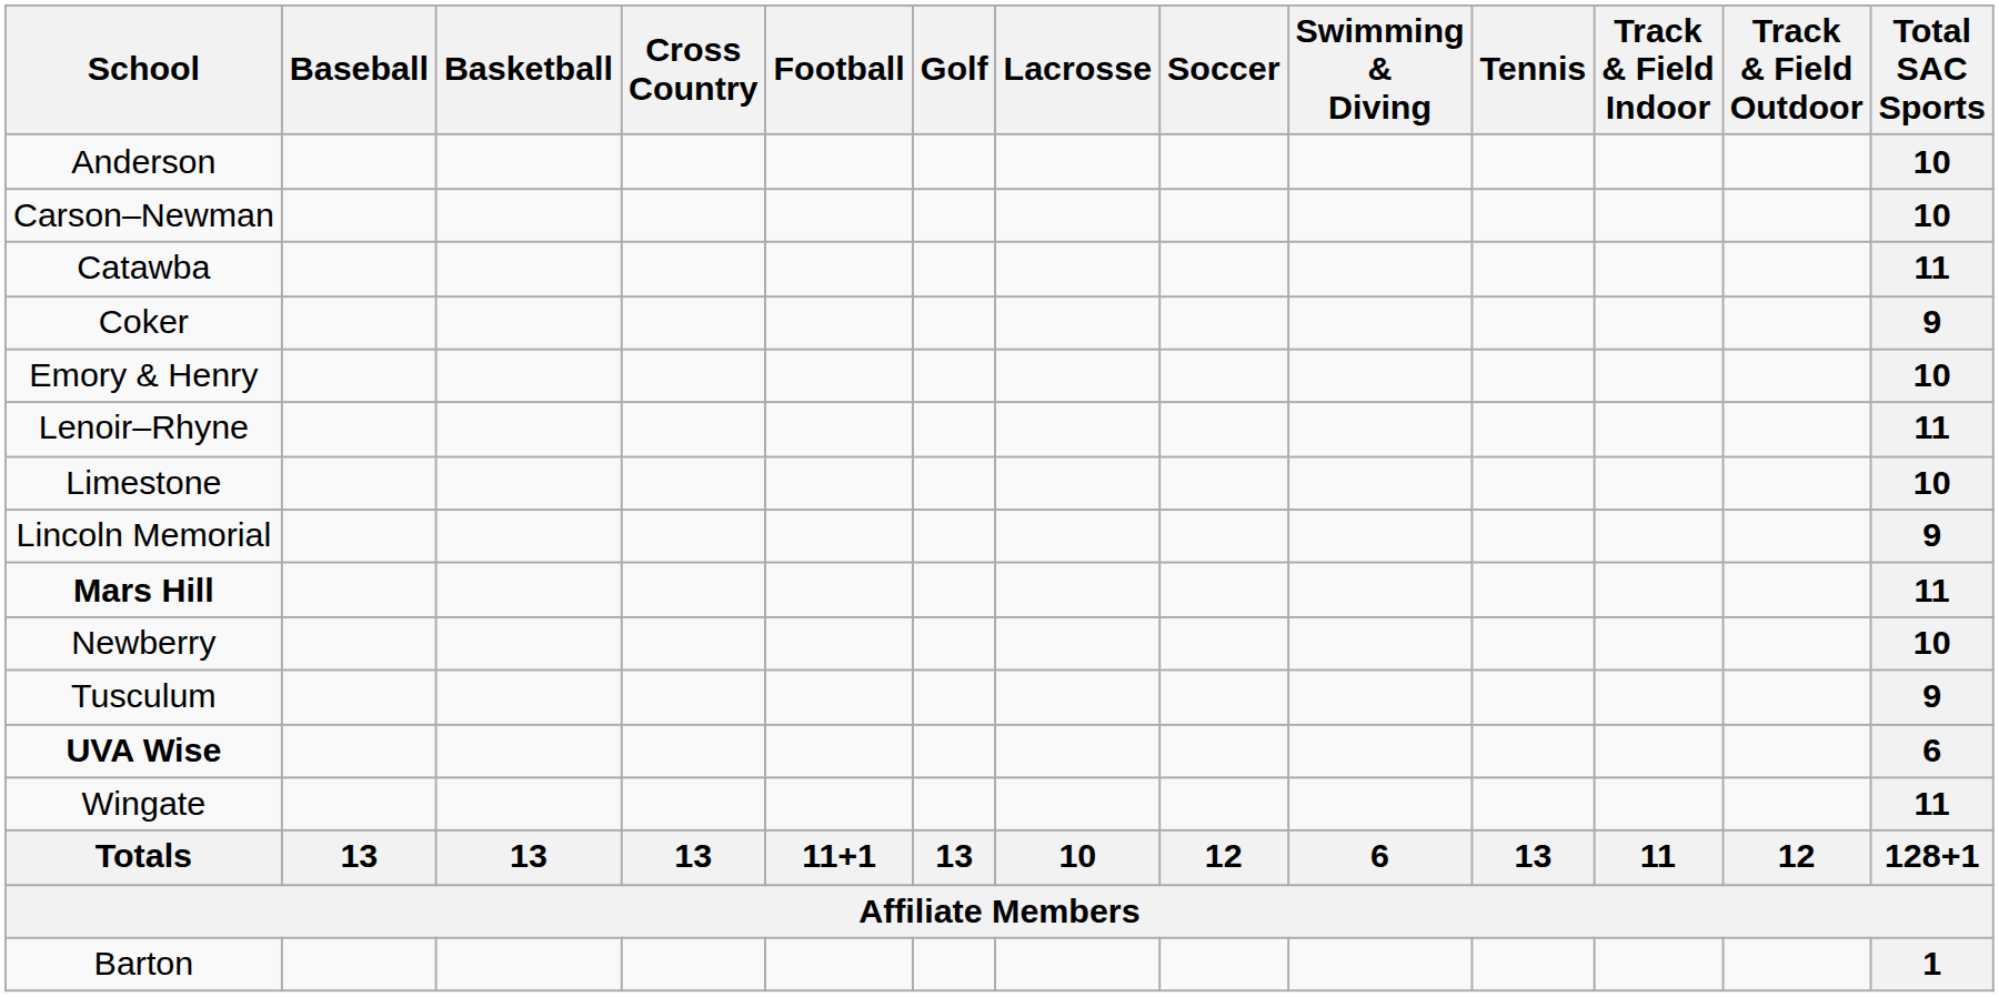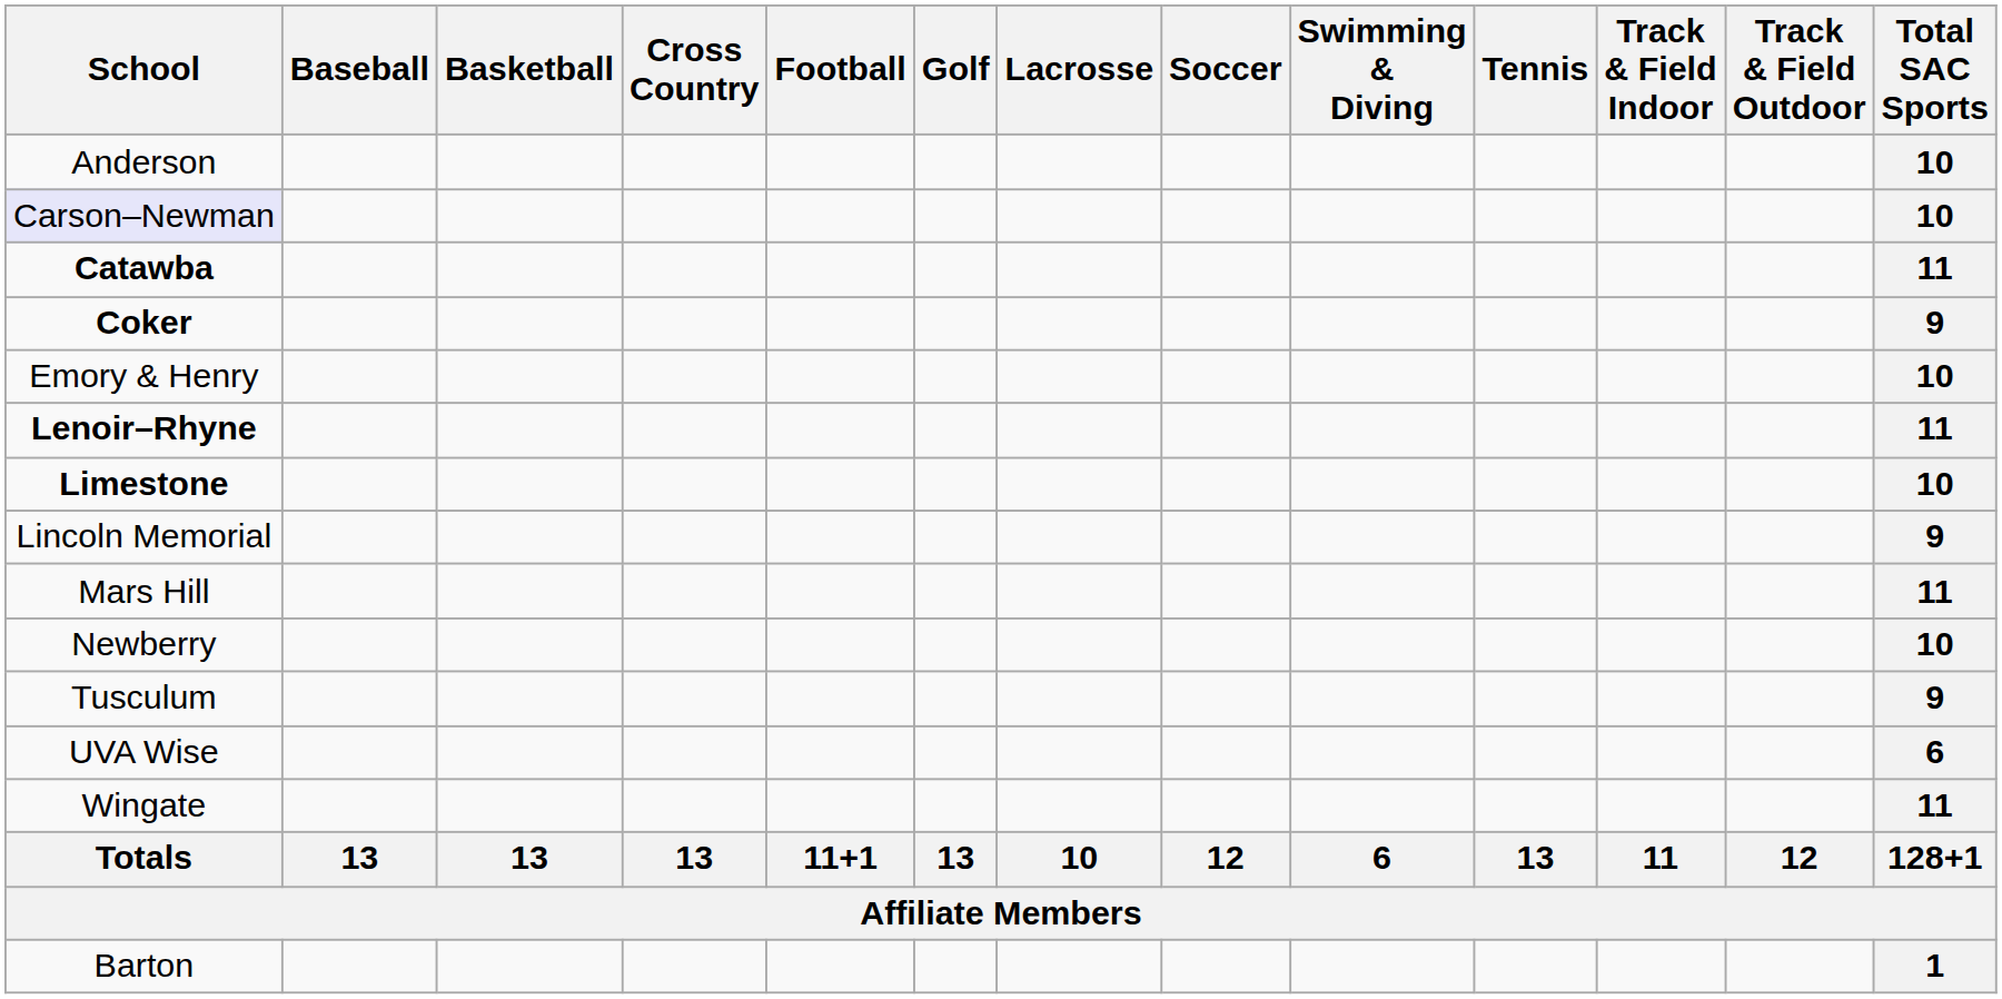 <table class="wikitable" style="text-align:center">
 <tr>
 <th>School</th>
 <th>Baseball</th>
 <th>Basketball</th>
 <th>Cross<br>Country</th>
 <th>Football</th>
 <th>Golf</th>
 <th>Lacrosse</th>
 <th>Soccer</th>
 <th>Swimming<br>&<br>Diving</th>
 <th>Tennis</th>
 <th>Track<br>& Field<br>Indoor</th>
 <th>Track<br>& Field<br>Outdoor</th>
 <th>Total<br>SAC<br>Sports</th>
 </tr>
 <tr>
 <td>Anderson</td>
 <td></td>
 <td></td>
 <td></td>
 <td></td>
 <td></td>
 <td></td>
 <td></td>
 <td></td>
 <td></td>
 <td></td>
 <td></td>
 <th>10</th>
 </tr>
 <tr>
-<td>Carson–Newman</td>
+<td style="background: lavender;">Carson–Newman</td>
 <td></td>
 <td></td>
 <td></td>
 <td></td>
 <td></td>
 <td></td>
 <td></td>
 <td></td>
 <td></td>
 <td></td>
 <td></td>
 <th>10</th>
 </tr>
 <tr>
-<td>Catawba</td>
+<td><strong>Catawba</strong></td>
 <td></td>
 <td></td>
 <td></td>
 <td></td>
 <td></td>
 <td></td>
 <td></td>
 <td></td>
 <td></td>
 <td></td>
 <td></td>
 <th>11</th>
 </tr>
 <tr>
-<td>Coker</td>
+<td><strong>Coker</strong></td>
 <td></td>
 <td></td>
 <td></td>
 <td></td>
 <td></td>
 <td></td>
 <td></td>
 <td></td>
 <td></td>
 <td></td>
 <td></td>
 <th>9</th>
 </tr>
 <tr>
 <td>Emory & Henry</td>
 <td></td>
 <td></td>
 <td></td>
 <td></td>
 <td></td>
 <td></td>
 <td></td>
 <td></td>
 <td></td>
 <td></td>
 <td></td>
 <th>10</th>
 </tr>
 <tr>
-<td>Lenoir–Rhyne</td>
+<td><strong>Lenoir–Rhyne</strong></td>
 <td></td>
 <td></td>
 <td></td>
 <td></td>
 <td></td>
 <td></td>
 <td></td>
 <td></td>
 <td></td>
 <td></td>
 <td></td>
 <th>11</th>
 </tr>
 <tr>
-<td>Limestone</td>
+<td><strong>Limestone</strong></td>
 <td></td>
 <td></td>
 <td></td>
 <td></td>
 <td></td>
 <td></td>
 <td></td>
 <td></td>
 <td></td>
 <td></td>
 <td></td>
 <th>10</th>
 </tr>
 <tr>
 <td>Lincoln Memorial</td>
 <td></td>
 <td></td>
 <td></td>
 <td></td>
 <td></td>
 <td></td>
 <td></td>
 <td></td>
 <td></td>
 <td></td>
 <td></td>
 <th>9</th>
 </tr>
 <tr>
-<td><strong>Mars Hill</strong></td>
+<td>Mars Hill</td>
 <td></td>
 <td></td>
 <td></td>
 <td></td>
 <td></td>
 <td></td>
 <td></td>
 <td></td>
 <td></td>
 <td></td>
 <td></td>
 <th>11</th>
 </tr>
 <tr>
 <td>Newberry</td>
 <td></td>
 <td></td>
 <td></td>
 <td></td>
 <td></td>
 <td></td>
 <td></td>
 <td></td>
 <td></td>
 <td></td>
 <td></td>
 <th>10</th>
 </tr>
 <tr>
 <td>Tusculum</td>
 <td></td>
 <td></td>
 <td></td>
 <td></td>
 <td></td>
 <td></td>
 <td></td>
 <td></td>
 <td></td>
 <td></td>
 <td></td>
 <th>9</th>
 </tr>
 <tr>
-<td><strong>UVA Wise</strong></td>
+<td>UVA Wise</td>
 <td></td>
 <td></td>
 <td></td>
 <td></td>
 <td></td>
 <td></td>
 <td></td>
 <td></td>
 <td></td>
 <td></td>
 <td></td>
 <th>6</th>
 </tr>
 <tr>
 <td>Wingate</td>
 <td></td>
 <td></td>
 <td></td>
 <td></td>
 <td></td>
 <td></td>
 <td></td>
 <td></td>
 <td></td>
 <td></td>
 <td></td>
 <th>11</th>
 </tr>
 <tr>
 <th>Totals</th>
 <th>13</th>
 <th>13</th>
 <th>13</th>
 <th>11+1</th>
 <th>13</th>
 <th>10</th>
 <th>12</th>
 <th>6</th>
 <th>13</th>
 <th>11</th>
 <th>12</th>
 <th>128+1</th>
 </tr>
 <tr>
 <th colspan=13>Affiliate Members</th>
 </tr>
 <tr>
 <td>Barton</td>
 <td></td>
 <td></td>
 <td></td>
 <td></td>
 <td></td>
 <td></td>
 <td></td>
 <td></td>
 <td></td>
 <td></td>
 <td></td>
 <th>1</th>
 </tr>
 </table>
